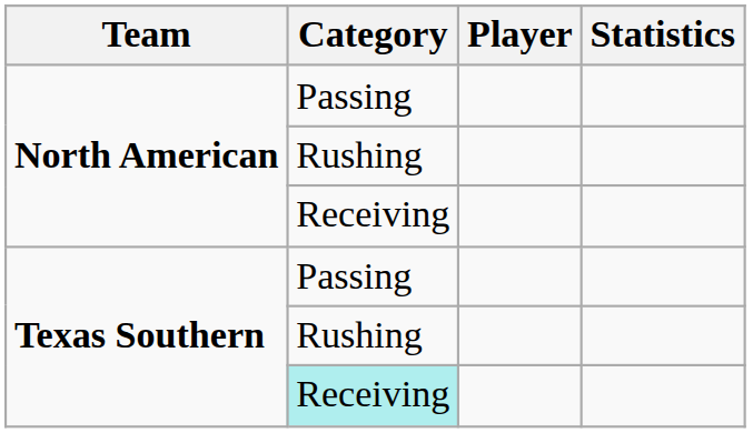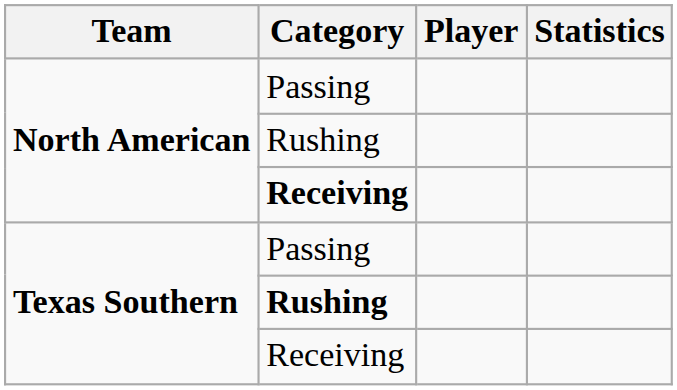 <table class="wikitable" style="float: left;">
 <tr>
 <th>Team</th>
 <th>Category</th>
 <th>Player</th>
 <th>Statistics</th>
 </tr>
 <tr>
 <td rowspan=3><strong>North American</strong></td>
 <td>Passing</td>
 <td> </td>
 <td> </td>
 </tr>
 <tr>
 <td>Rushing</td>
 <td> </td>
 <td> </td>
 </tr>
 <tr>
-<td>Receiving</td>
+<td><strong>Receiving</strong></td>
 <td> </td>
 <td> </td>
 </tr>
 <tr>
 <td rowspan=3><strong>Texas Southern</strong></td>
 <td>Passing</td>
 <td> </td>
 <td> </td>
 </tr>
 <tr>
-<td>Rushing</td>
+<td><strong>Rushing</strong></td>
 <td> </td>
 <td> </td>
 </tr>
 <tr>
-<td style="background: paleturquoise;">Receiving</td>
+<td>Receiving</td>
 <td> </td>
 <td> </td>
 </tr>
 </table>
